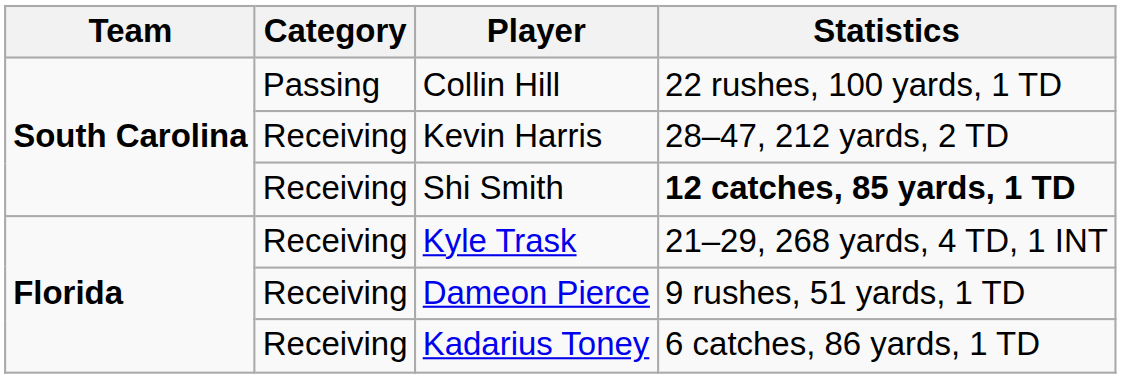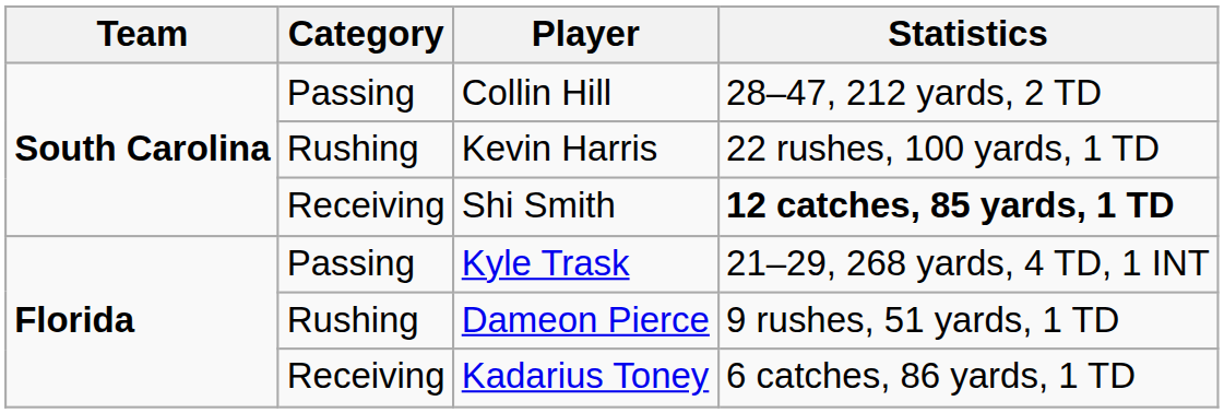 <table class="wikitable" style="float: right;">
 <tr>
 <th>Team</th>
 <th>Category</th>
 <th>Player</th>
 <th>Statistics</th>
 </tr>
 <tr>
 <td rowspan=3><strong>South Carolina</strong></td>
 <td>Passing</td>
 <td>Collin Hill</td>
-<td>22 rushes, 100 yards, 1 TD</td>
+<td>28–47, 212 yards, 2 TD</td>
 </tr>
 <tr>
-<td>Receiving</td>
+<td>Rushing</td>
 <td>Kevin Harris</td>
-<td>28–47, 212 yards, 2 TD</td>
+<td>22 rushes, 100 yards, 1 TD</td>
 </tr>
 <tr>
 <td>Receiving</td>
 <td>Shi Smith</td>
 <td><strong>12 catches, 85 yards, 1 TD</strong></td>
 </tr>
 <tr>
 <td rowspan=3><strong>Florida</strong></td>
-<td>Receiving</td>
+<td>Passing</td>
 <td><a href='#'>Kyle Trask</a></td>
 <td>21–29, 268 yards, 4 TD, 1 INT</td>
 </tr>
 <tr>
-<td>Receiving</td>
+<td>Rushing</td>
 <td><a href='#'>Dameon Pierce</a></td>
 <td>9 rushes, 51 yards, 1 TD</td>
 </tr>
 <tr>
 <td>Receiving</td>
 <td><a href='#'>Kadarius Toney</a></td>
 <td>6 catches, 86 yards, 1 TD</td>
 </tr>
 </table>
